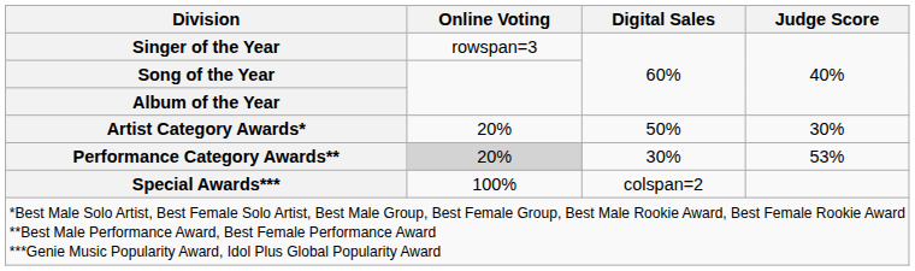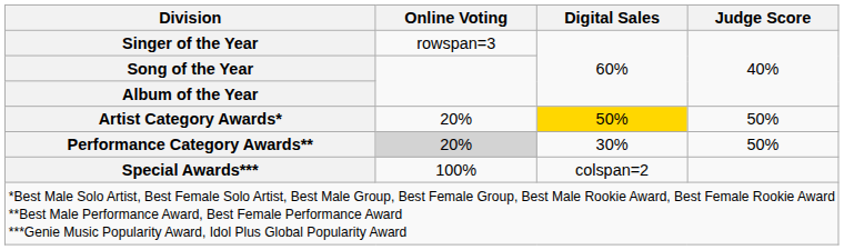 <table class="wikitable" style="text-align:center; font-size:95%">
 <tr>
 <th>Division</th>
 <th>Online Voting</th>
 <th>Digital Sales</th>
 <th>Judge Score</th>
 </tr>
 <tr>
 <th>Singer of the Year</th>
 <td>rowspan=3</td>
 <td rowspan=3>60%</td>
 <td rowspan=3>40%</td>
 </tr>
 <tr>
 <th>Song of the Year</th>
 </tr>
 <tr>
 <th>Album of the Year</th>
 </tr>
 <tr>
 <th>Artist Category Awards*</th>
 <td>20%</td>
+<td style="background: gold;">50%</td>
 <td>50%</td>
-<td>30%</td>
 </tr>
 <tr>
 <th>Performance Category Awards**</th>
 <td style="background: lightgrey;">20%</td>
 <td>30%</td>
-<td>53%</td>
+<td>50%</td>
 </tr>
 <tr>
 <th>Special Awards***</th>
 <td>100%</td>
 <td>colspan=2</td>
 </tr>
 <tr>
 <td colspan=4 align=left><small>*Best Male Solo Artist, Best Female Solo Artist, Best Male Group, Best Female Group, Best Male Rookie Award, Best Female Rookie Award<br>**Best Male Performance Award, Best Female Performance Award<br>***Genie Music Popularity Award, Idol Plus Global Popularity Award</small></td>
 </tr>
 </table>
